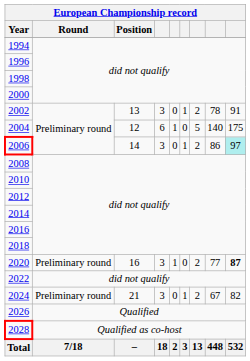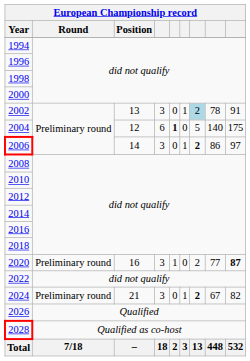 <table class="wikitable" style="text-align: center;">
 <tr>
 <th colspan=9><a href='#'>European Championship record</a></th>
 </tr>
 <tr>
 <th>Year</th>
 <th>Round</th>
 <th>Position</th>
 <th></th>
 <th></th>
 <th></th>
 <th></th>
 <th></th>
 <th></th>
 </tr>
 <tr>
 </tr>
 <tr>
 <td> <a href='#'>1994</a></td>
 <td colspan="8" rowspan="4"><em>did not qualify</em></td>
 </tr>
 <tr>
 <td> <a href='#'>1996</a></td>
 </tr>
 <tr>
 <td> <a href='#'>1998</a></td>
 </tr>
 <tr>
 <td> <a href='#'>2000</a></td>
 </tr>
 <tr>
 <td> <a href='#'>2002</a></td>
 <td rowspan=3>Preliminary round</td>
 <td>13</td>
 <td>3</td>
 <td>0</td>
 <td>1</td>
-<td>2</td>
+<td style="background: lightblue;">2</td>
 <td>78</td>
 <td>91</td>
 </tr>
 <tr>
 <td> <a href='#'>2004</a></td>
 <td>12</td>
 <td>6</td>
-<td>1</td>
+<td><strong>1</strong></td>
 <td>0</td>
 <td>5</td>
 <td>140</td>
 <td>175</td>
 </tr>
 <tr>
 <td style="border: 3px solid red"> <a href='#'>2006</a></td>
 <td>14</td>
 <td>3</td>
 <td>0</td>
 <td>1</td>
-<td>2</td>
+<td><strong>2</strong></td>
 <td>86</td>
-<td style="background: paleturquoise;">97</td>
+<td>97</td>
 </tr>
 <tr>
 <td> <a href='#'>2008</a></td>
 <td colspan="8" rowspan="6"><em>did not qualify</em></td>
 </tr>
 <tr>
 <td> <a href='#'>2010</a></td>
 </tr>
 <tr>
 <td> <a href='#'>2012</a></td>
 </tr>
 <tr>
 <td> <a href='#'>2014</a></td>
 </tr>
 <tr>
 <td> <a href='#'>2016</a></td>
 </tr>
 <tr>
 <td> <a href='#'>2018</a></td>
 </tr>
 <tr>
 <td> <a href='#'>2020</a></td>
 <td>Preliminary round</td>
 <td>16</td>
 <td>3</td>
 <td>1</td>
 <td>0</td>
 <td>2</td>
 <td>77</td>
 <td><strong>87</strong></td>
 </tr>
 <tr>
 <td> <a href='#'>2022</a></td>
 <td colspan="8"><em>did not qualify</em></td>
 </tr>
 <tr>
 <td> <a href='#'>2024</a></td>
 <td>Preliminary round</td>
 <td>21</td>
 <td>3</td>
 <td>0</td>
 <td>1</td>
-<td>2</td>
+<td><strong>2</strong></td>
 <td>67</td>
 <td>82</td>
 </tr>
 <tr>
 <td> <a href='#'>2026</a></td>
 <td colspan="8"><em>Qualified</em></td>
 </tr>
 <tr>
 <td style="border: 3px solid red"> <a href='#'>2028</a></td>
 <td colspan="8"><em>Qualified as co-host</em></td>
 </tr>
 <tr>
 <th>Total</th>
 <th>7/18</th>
 <th>–</th>
 <th>18</th>
 <th>2</th>
 <th>3</th>
 <th>13</th>
 <th>448</th>
 <th>532</th>
 </tr>
 </table>
